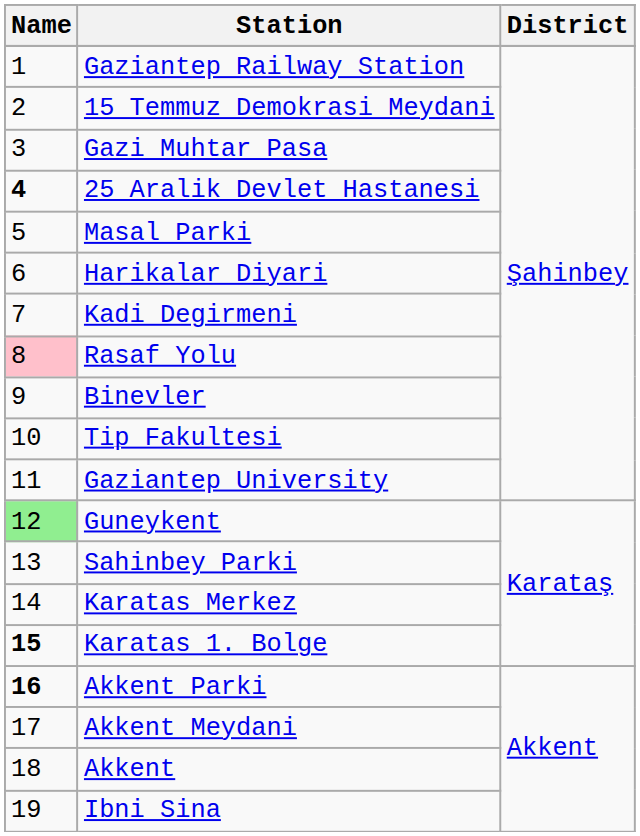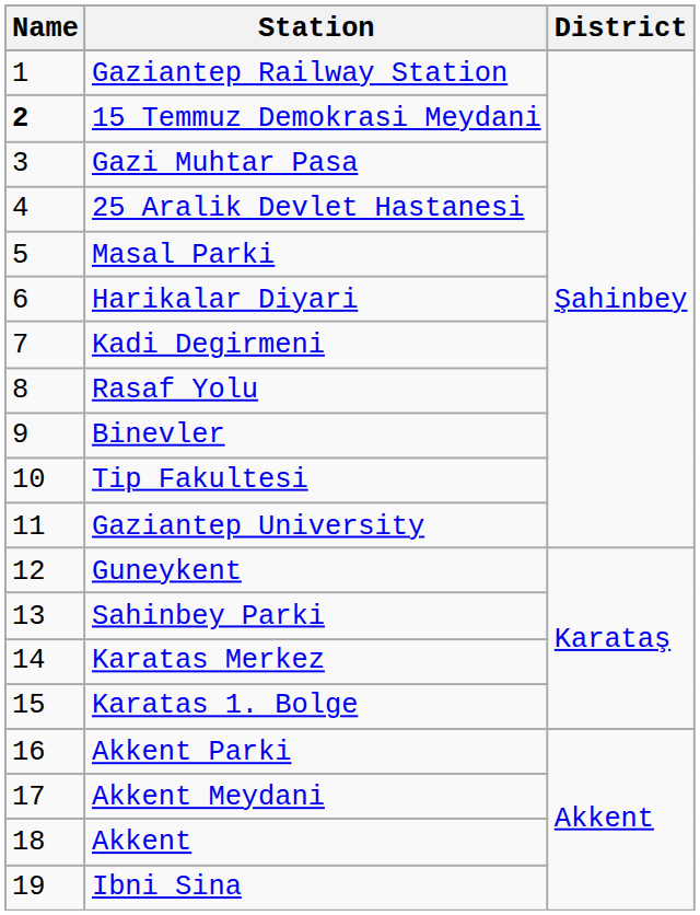 <table class="wikitable">
 <tr>
 <th>Name</th>
 <th>Station</th>
 <th>District</th>
 </tr>
 <tr>
 </tr>
 <tr>
 <td>1</td>
 <td><a href='#'>Gaziantep Railway Station</a></td>
 <td rowspan="11"><a href='#'>Şahinbey</a></td>
 </tr>
 <tr>
-<td>2</td>
+<td><strong>2</strong></td>
 <td><a href='#'>15 Temmuz Demokrasi Meydani</a></td>
 </tr>
 <tr>
 <td>3</td>
 <td><a href='#'>Gazi Muhtar Pasa</a></td>
 </tr>
 <tr>
-<td><strong>4</strong></td>
+<td>4</td>
 <td><a href='#'>25 Aralik Devlet Hastanesi</a></td>
 </tr>
 <tr>
 <td>5</td>
 <td><a href='#'>Masal Parki</a></td>
 </tr>
 <tr>
 <td>6</td>
 <td><a href='#'>Harikalar Diyari</a></td>
 </tr>
 <tr>
 <td>7</td>
 <td><a href='#'>Kadi Degirmeni</a></td>
 </tr>
 <tr>
-<td style="background: pink;">8</td>
+<td>8</td>
 <td><a href='#'>Rasaf Yolu</a></td>
 </tr>
 <tr>
 <td>9</td>
 <td><a href='#'>Binevler</a></td>
 </tr>
 <tr>
 <td>10</td>
 <td><a href='#'>Tip Fakultesi</a></td>
 </tr>
 <tr>
 <td>11</td>
 <td><a href='#'>Gaziantep University</a></td>
 </tr>
 <tr>
-<td style="background: lightgreen;">12</td>
+<td>12</td>
 <td><a href='#'>Guneykent</a></td>
 <td rowspan="4"><a href='#'>Karataş</a></td>
 </tr>
 <tr>
 <td>13</td>
 <td><a href='#'>Sahinbey Parki</a></td>
 </tr>
 <tr>
 <td>14</td>
 <td><a href='#'>Karatas Merkez</a></td>
 </tr>
 <tr>
-<td><strong>15</strong></td>
+<td>15</td>
 <td><a href='#'>Karatas 1. Bolge</a></td>
 </tr>
 <tr>
-<td><strong>16</strong></td>
+<td>16</td>
 <td><a href='#'>Akkent Parki</a></td>
 <td rowspan="4"><a href='#'>Akkent</a></td>
 </tr>
 <tr>
 <td>17</td>
 <td><a href='#'>Akkent Meydani</a></td>
 </tr>
 <tr>
 <td>18</td>
 <td><a href='#'>Akkent</a></td>
 </tr>
 <tr>
 <td>19</td>
 <td><a href='#'>Ibni Sina</a></td>
 </tr>
 </table>
